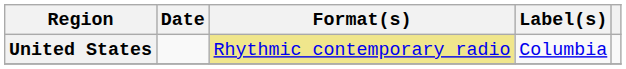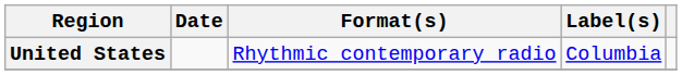 <table class="wikitable plainrowheaders" style="text-align:left">
 <tr>
 <th scope="col">Region</th>
 <th scope="col">Date</th>
 <th scope="col">Format(s)</th>
 <th scope="col">Label(s)</th>
 <th scope="col"></th>
 </tr>
 <tr>
 <th scope="row">United States</th>
 <td></td>
-<td style="background: khaki;"><a href='#'>Rhythmic contemporary radio</a></td>
+<td><a href='#'>Rhythmic contemporary radio</a></td>
 <td><a href='#'>Columbia</a></td>
 <td></td>
 </tr>
 <tr>
 </tr>
 </table>
